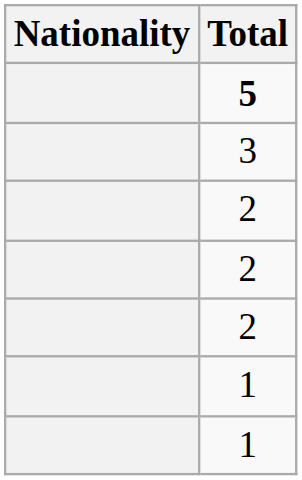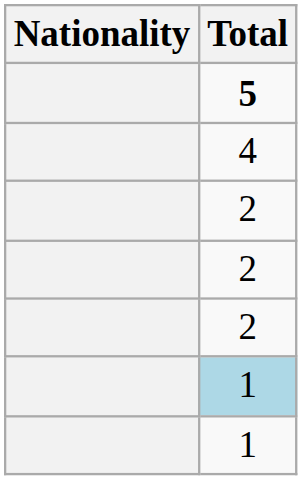 <table class="sortable wikitable plainrowheaders">
 <tr>
 <th scope="col">Nationality</th>
 <th scope="col">Total</th>
 </tr>
 <tr>
 <th scope="row"></th>
 <td style="text-align:center"><strong>5</strong></td>
 </tr>
 <tr>
 <th scope="row"></th>
-<td style="text-align:center">3</td>
+<td style="text-align:center">4</td>
 </tr>
 <tr>
 <th scope="row"></th>
 <td style="text-align:center">2</td>
 </tr>
 <tr>
 <th scope="row"></th>
 <td style="text-align:center">2</td>
 </tr>
 <tr>
 <th scope="row"></th>
 <td style="text-align:center">2</td>
 </tr>
 <tr>
 <th scope="row"></th>
-<td style="text-align:center">1</td>
+<td style="background: lightblue; text-align:center">1</td>
 </tr>
 <tr>
 <th scope="row"></th>
 <td style="text-align:center">1</td>
 </tr>
 </table>
